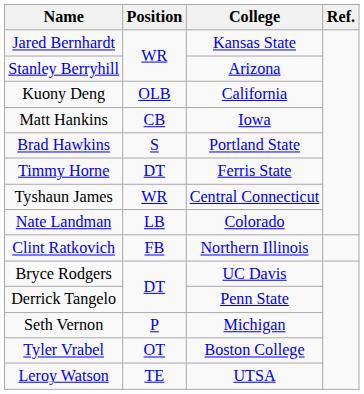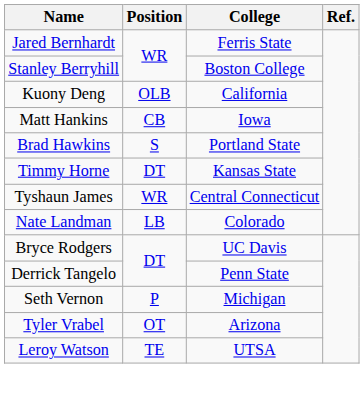 <table class="wikitable" style="text-align:center">
 <tr>
 <th>Name</th>
 <th>Position</th>
 <th>College</th>
 <th>Ref.</th>
 </tr>
 <tr>
 <td><a href='#'>Jared Bernhardt</a></td>
 <td rowspan = 2><a href='#'>WR</a></td>
-<td><a href='#'>Kansas State</a></td>
+<td><a href='#'>Ferris State</a></td>
 <td rowspan = 8></td>
 </tr>
 <tr>
 <td><a href='#'>Stanley Berryhill</a></td>
-<td><a href='#'>Arizona</a></td>
+<td><a href='#'>Boston College</a></td>
 </tr>
 <tr>
 <td>Kuony Deng</td>
 <td><a href='#'>OLB</a></td>
 <td><a href='#'>California</a></td>
 </tr>
 <tr>
 <td>Matt Hankins</td>
 <td><a href='#'>CB</a></td>
 <td><a href='#'>Iowa</a></td>
 </tr>
 <tr>
 <td><a href='#'>Brad Hawkins</a></td>
 <td><a href='#'>S</a></td>
 <td><a href='#'>Portland State</a></td>
 </tr>
 <tr>
 <td><a href='#'>Timmy Horne</a></td>
 <td><a href='#'>DT</a></td>
-<td><a href='#'>Ferris State</a></td>
+<td><a href='#'>Kansas State</a></td>
 </tr>
 <tr>
 <td>Tyshaun James</td>
 <td><a href='#'>WR</a></td>
 <td><a href='#'>Central Connecticut</a></td>
 </tr>
 <tr>
 <td><a href='#'>Nate Landman</a></td>
 <td><a href='#'>LB</a></td>
 <td><a href='#'>Colorado</a></td>
-</tr>
-<tr>
-<td><a href='#'>Clint Ratkovich</a></td>
-<td><a href='#'>FB</a></td>
-<td><a href='#'>Northern Illinois</a></td>
-<td></td>
 </tr>
 <tr>
 <td>Bryce Rodgers</td>
 <td rowspan = 2><a href='#'>DT</a></td>
 <td><a href='#'>UC Davis</a></td>
 <td rowspan = 5></td>
 </tr>
 <tr>
 <td>Derrick Tangelo</td>
 <td><a href='#'>Penn State</a></td>
 </tr>
 <tr>
 <td>Seth Vernon</td>
 <td><a href='#'>P</a></td>
 <td><a href='#'>Michigan</a></td>
 </tr>
 <tr>
 <td><a href='#'>Tyler Vrabel</a></td>
 <td><a href='#'>OT</a></td>
-<td><a href='#'>Boston College</a></td>
+<td><a href='#'>Arizona</a></td>
 </tr>
 <tr>
 <td><a href='#'>Leroy Watson</a></td>
 <td><a href='#'>TE</a></td>
 <td><a href='#'>UTSA</a></td>
 </tr>
 </table>
